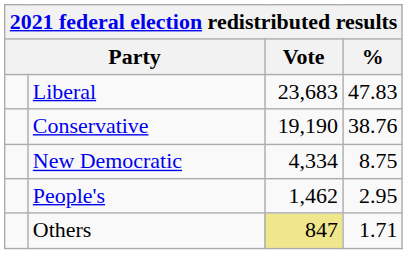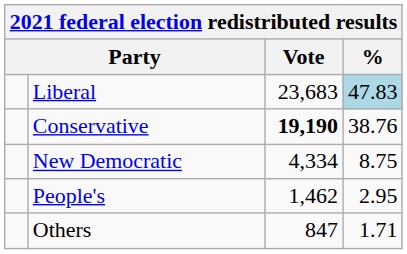 <table class="wikitable">
 <tr>
 <th colspan="4"><a href='#'>2021 federal election</a> redistributed results</th>
 </tr>
 <tr>
 <th bgcolor="#DDDDFF" width="130px" colspan="2">Party</th>
 <th bgcolor="#DDDDFF" width="50px">Vote</th>
 <th bgcolor="#DDDDFF" width="30px">%</th>
 </tr>
 <tr>
 <td> </td>
 <td><a href='#'>Liberal</a></td>
 <td align=right>23,683</td>
-<td align=right>47.83</td>
+<td align=right style="background: lightblue;">47.83</td>
 </tr>
 <tr>
 <td> </td>
 <td><a href='#'>Conservative</a></td>
-<td align=right>19,190</td>
+<td align=right><strong>19,190</strong></td>
 <td align=right>38.76</td>
 </tr>
 <tr>
 <td> </td>
 <td><a href='#'>New Democratic</a></td>
 <td align=right>4,334</td>
 <td align=right>8.75</td>
 </tr>
 <tr>
 <td> </td>
 <td><a href='#'>People's</a></td>
 <td align=right>1,462</td>
 <td align=right>2.95</td>
 </tr>
 <tr>
 <td> </td>
 <td>Others</td>
-<td align=right style="background: khaki;">847</td>
+<td align=right>847</td>
 <td align=right>1.71</td>
 </tr>
 </table>
